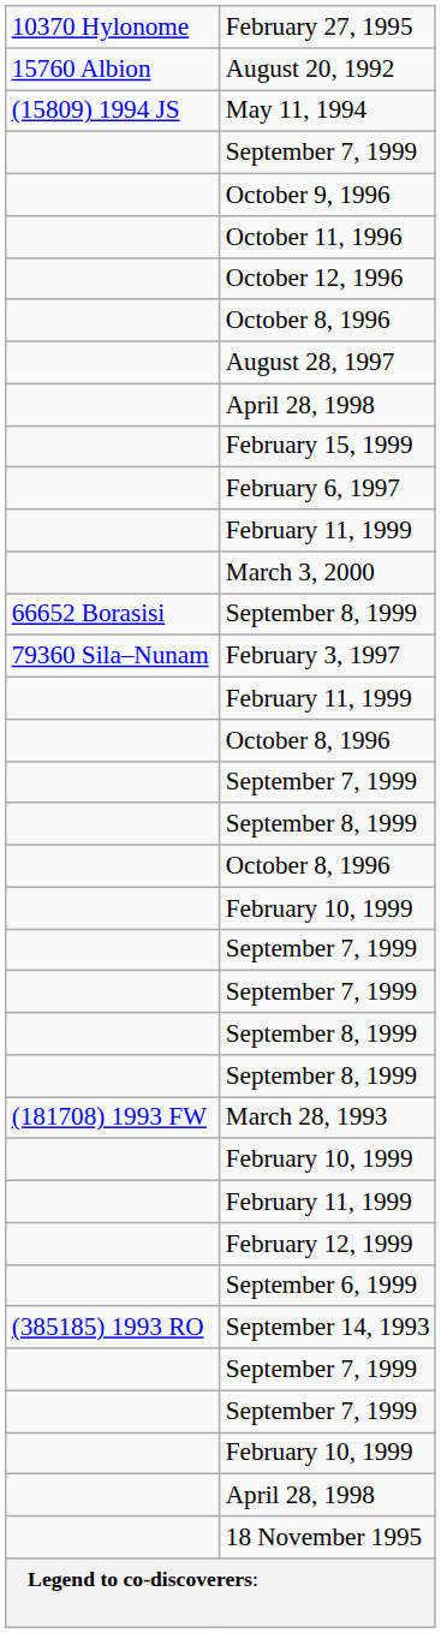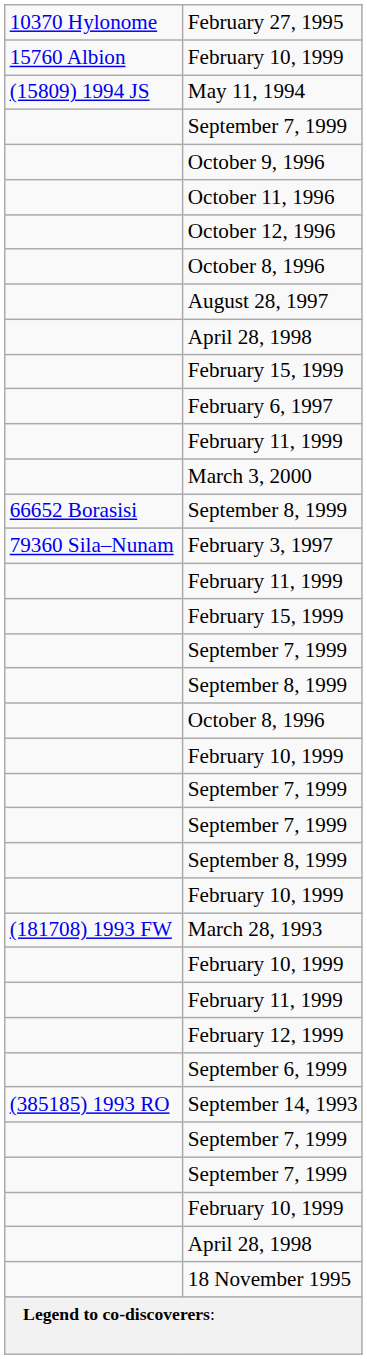 <table class="wikitable floatright" style="font-size: 0.9em;">
 <tr>
 <td><a href='#'>10370 Hylonome</a> </td>
 <td>February 27, 1995</td>
 </tr>
 <tr>
 <td><a href='#'>15760 Albion</a> </td>
-<td>August 20, 1992</td>
+<td>February 10, 1999</td>
 </tr>
 <tr>
 <td><a href='#'>(15809) 1994 JS</a> </td>
 <td>May 11, 1994</td>
 </tr>
 <tr>
 <td> </td>
 <td>September 7, 1999</td>
 </tr>
 <tr>
 <td> </td>
 <td>October 9, 1996</td>
 </tr>
 <tr>
 <td> </td>
 <td>October 11, 1996</td>
 </tr>
 <tr>
 <td> </td>
 <td>October 12, 1996</td>
 </tr>
 <tr>
 <td> </td>
 <td>October 8, 1996</td>
 </tr>
 <tr>
 <td> </td>
 <td>August 28, 1997</td>
 </tr>
 <tr>
 <td> </td>
 <td>April 28, 1998</td>
 </tr>
 <tr>
 <td> </td>
 <td>February 15, 1999</td>
 </tr>
 <tr>
 <td> </td>
 <td>February 6, 1997</td>
 </tr>
 <tr>
 <td> </td>
 <td>February 11, 1999</td>
 </tr>
 <tr>
 <td> </td>
 <td>March 3, 2000</td>
 </tr>
 <tr>
 <td><a href='#'>66652 Borasisi</a> </td>
 <td>September 8, 1999</td>
 </tr>
 <tr>
 <td><a href='#'>79360 Sila–Nunam</a> </td>
 <td>February 3, 1997</td>
 </tr>
 <tr>
 <td> </td>
 <td>February 11, 1999</td>
 </tr>
 <tr>
 <td> </td>
-<td>October 8, 1996</td>
+<td>February 15, 1999</td>
 </tr>
 <tr>
 <td> </td>
 <td>September 7, 1999</td>
 </tr>
 <tr>
 <td> </td>
 <td>September 8, 1999</td>
 </tr>
 <tr>
 <td> </td>
 <td>October 8, 1996</td>
 </tr>
 <tr>
 <td> </td>
 <td>February 10, 1999</td>
 </tr>
 <tr>
 <td> </td>
 <td>September 7, 1999</td>
 </tr>
 <tr>
 <td> </td>
 <td>September 7, 1999</td>
 </tr>
 <tr>
 <td> </td>
 <td>September 8, 1999</td>
 </tr>
 <tr>
 <td> </td>
-<td>September 8, 1999</td>
+<td>February 10, 1999</td>
 </tr>
 <tr>
 <td><a href='#'>(181708) 1993 FW</a> </td>
 <td>March 28, 1993</td>
 </tr>
 <tr>
 <td> </td>
 <td>February 10, 1999</td>
 </tr>
 <tr>
 <td> </td>
 <td>February 11, 1999</td>
 </tr>
 <tr>
 <td> </td>
 <td>February 12, 1999</td>
 </tr>
 <tr>
 <td> </td>
 <td>September 6, 1999</td>
 </tr>
 <tr>
 <td><a href='#'>(385185) 1993 RO</a> </td>
 <td>September 14, 1993</td>
 </tr>
 <tr>
 <td> </td>
 <td>September 7, 1999</td>
 </tr>
 <tr>
 <td> </td>
 <td>September 7, 1999</td>
 </tr>
 <tr>
 <td> </td>
 <td>February 10, 1999</td>
 </tr>
 <tr>
 <td> </td>
 <td>April 28, 1998</td>
 </tr>
 <tr>
 <td> </td>
 <td>18 November 1995</td>
 </tr>
 <tr>
 <th colspan=2 style="font-weight: normal; text-align: left; padding: 4px 12px; font-size: smaller;"><strong>Legend to co-discoverers</strong>:<br><br>  </th>
 </tr>
 </table>
